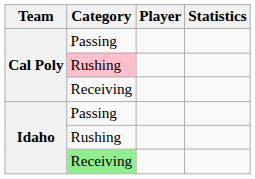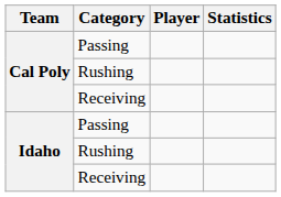 <table class="wikitable" style="float:right">
 <tr>
 <th>Team</th>
 <th>Category</th>
 <th>Player</th>
 <th>Statistics</th>
 </tr>
 <tr>
 <th rowspan=3>Cal Poly</th>
 <td>Passing</td>
 <td></td>
 <td></td>
 </tr>
 <tr>
-<td style="background: pink;">Rushing</td>
+<td>Rushing</td>
 <td></td>
 <td></td>
 </tr>
 <tr>
 <td>Receiving</td>
 <td></td>
 <td></td>
 </tr>
 <tr>
 <th rowspan=3>Idaho</th>
 <td>Passing</td>
 <td></td>
 <td></td>
 </tr>
 <tr>
 <td>Rushing</td>
 <td></td>
 <td></td>
 </tr>
 <tr>
-<td style="background: lightgreen;">Receiving</td>
+<td>Receiving</td>
 <td></td>
 <td></td>
 </tr>
 </table>
